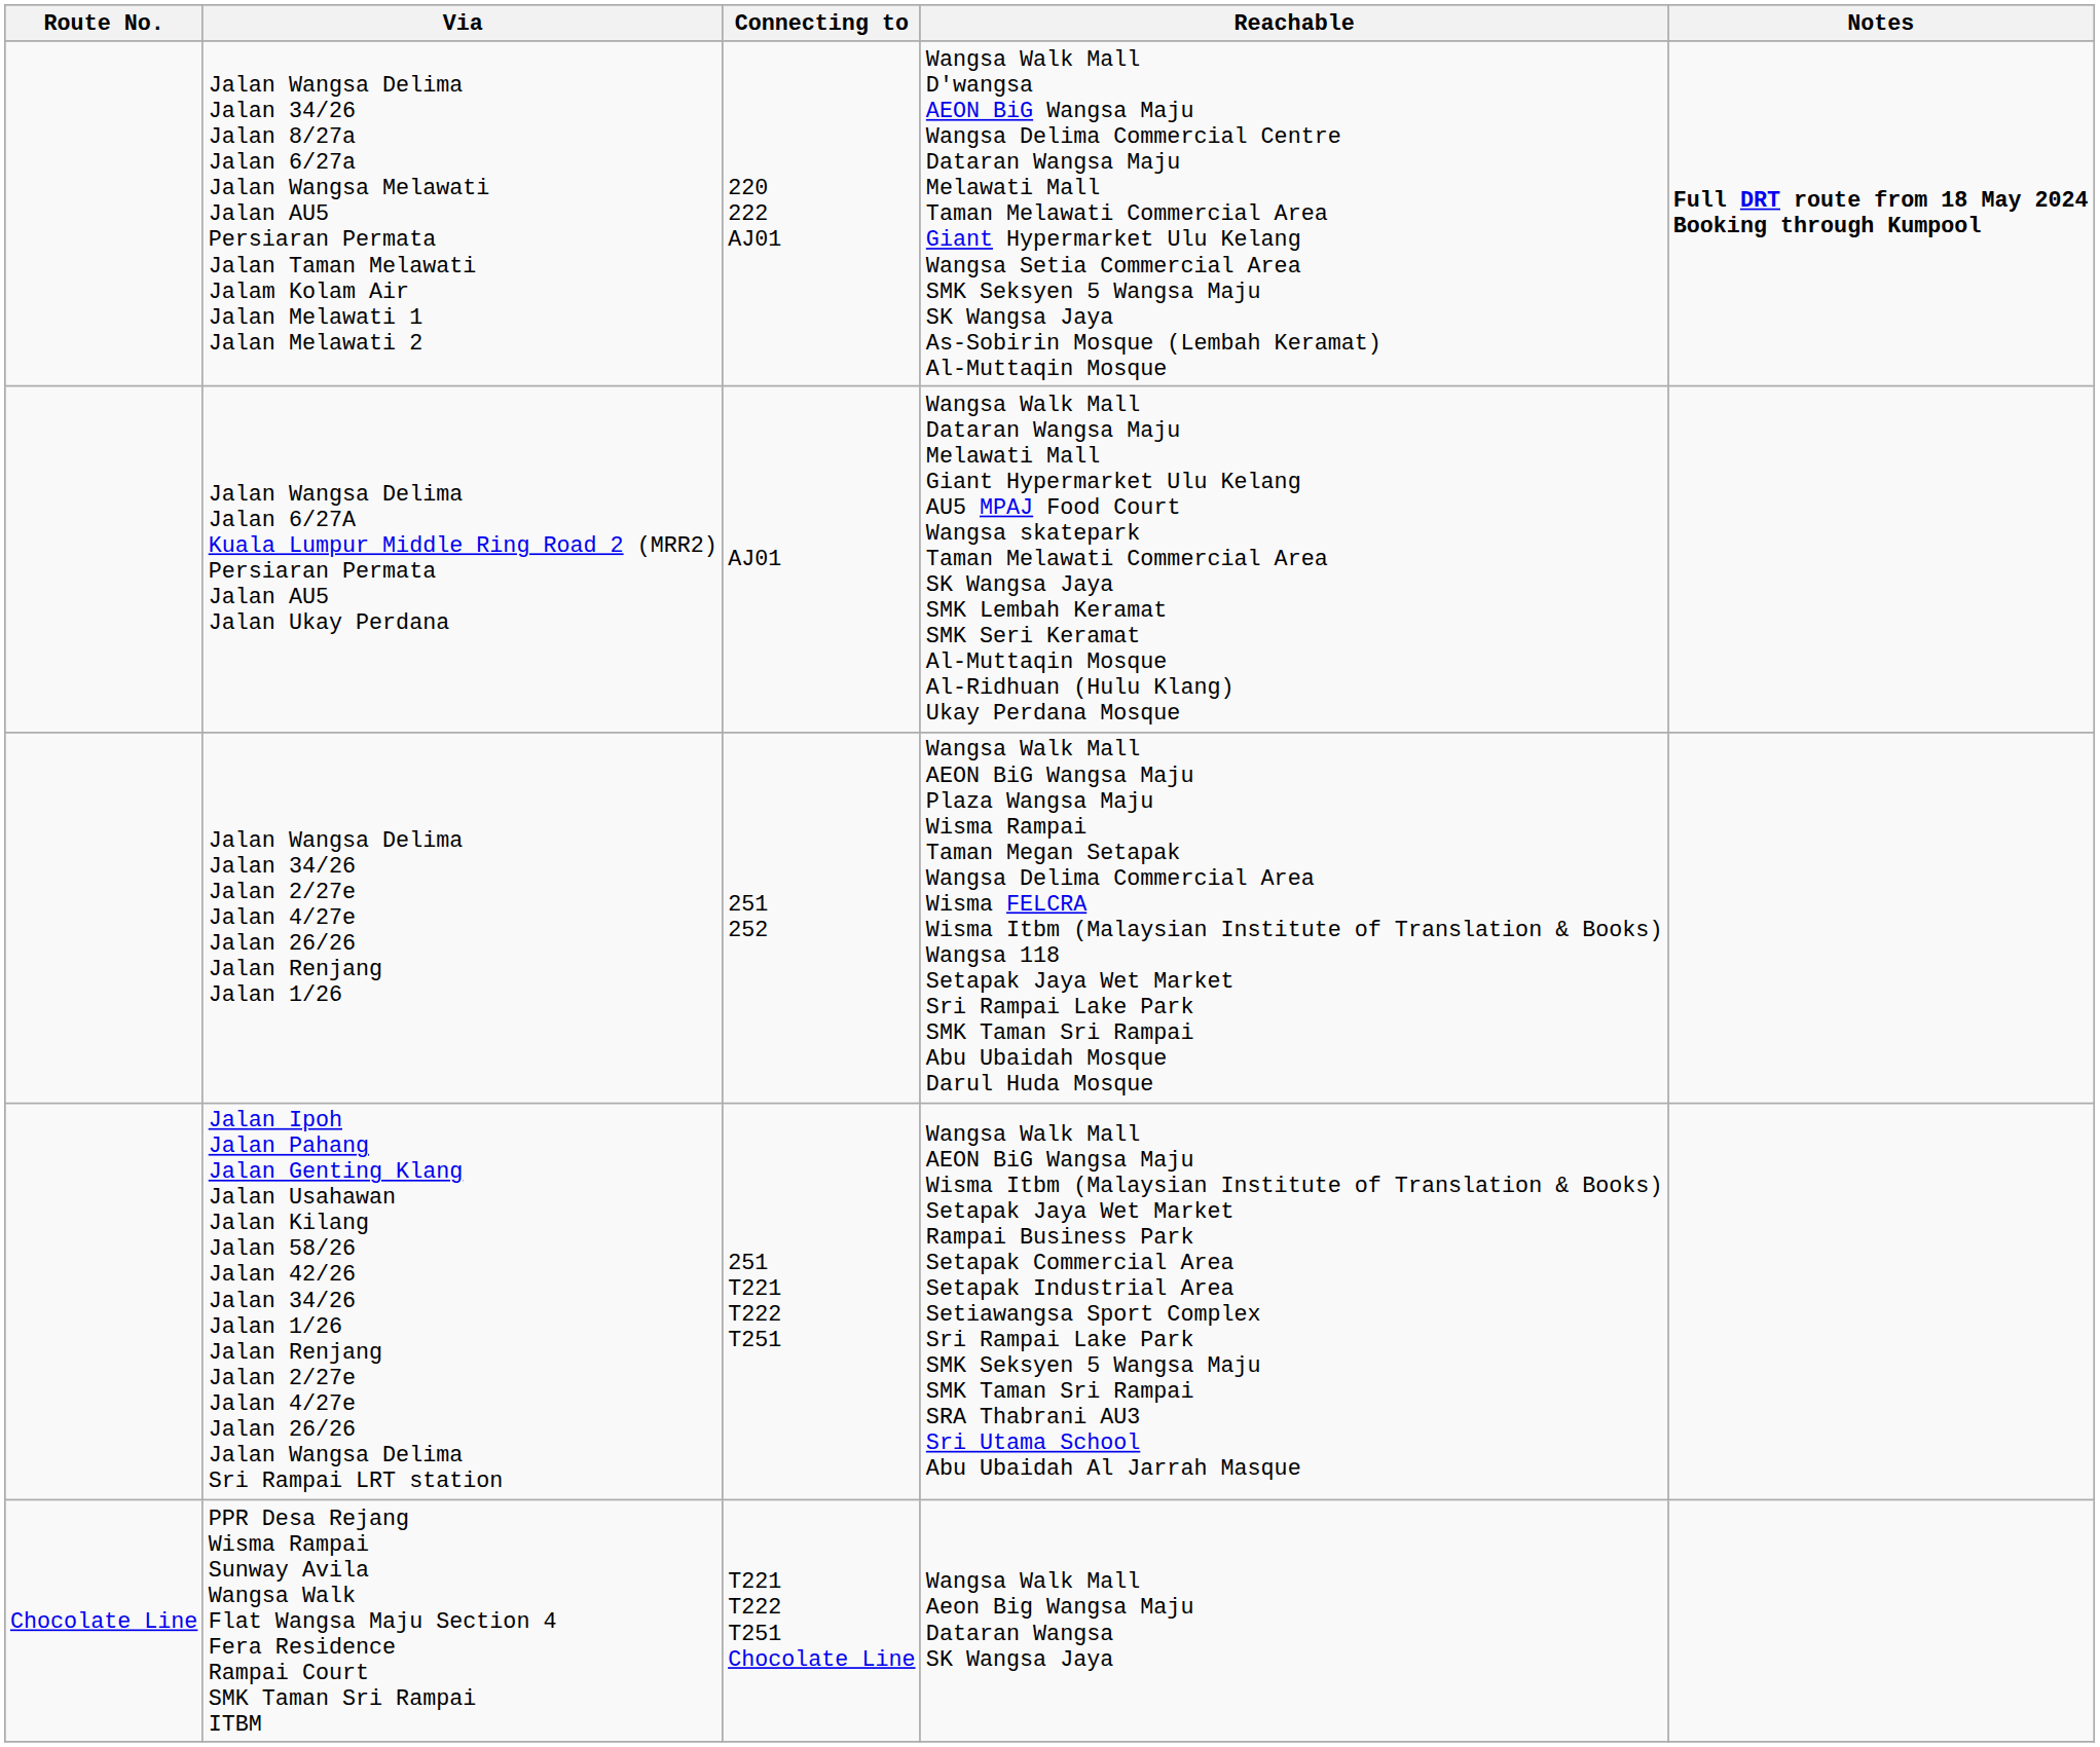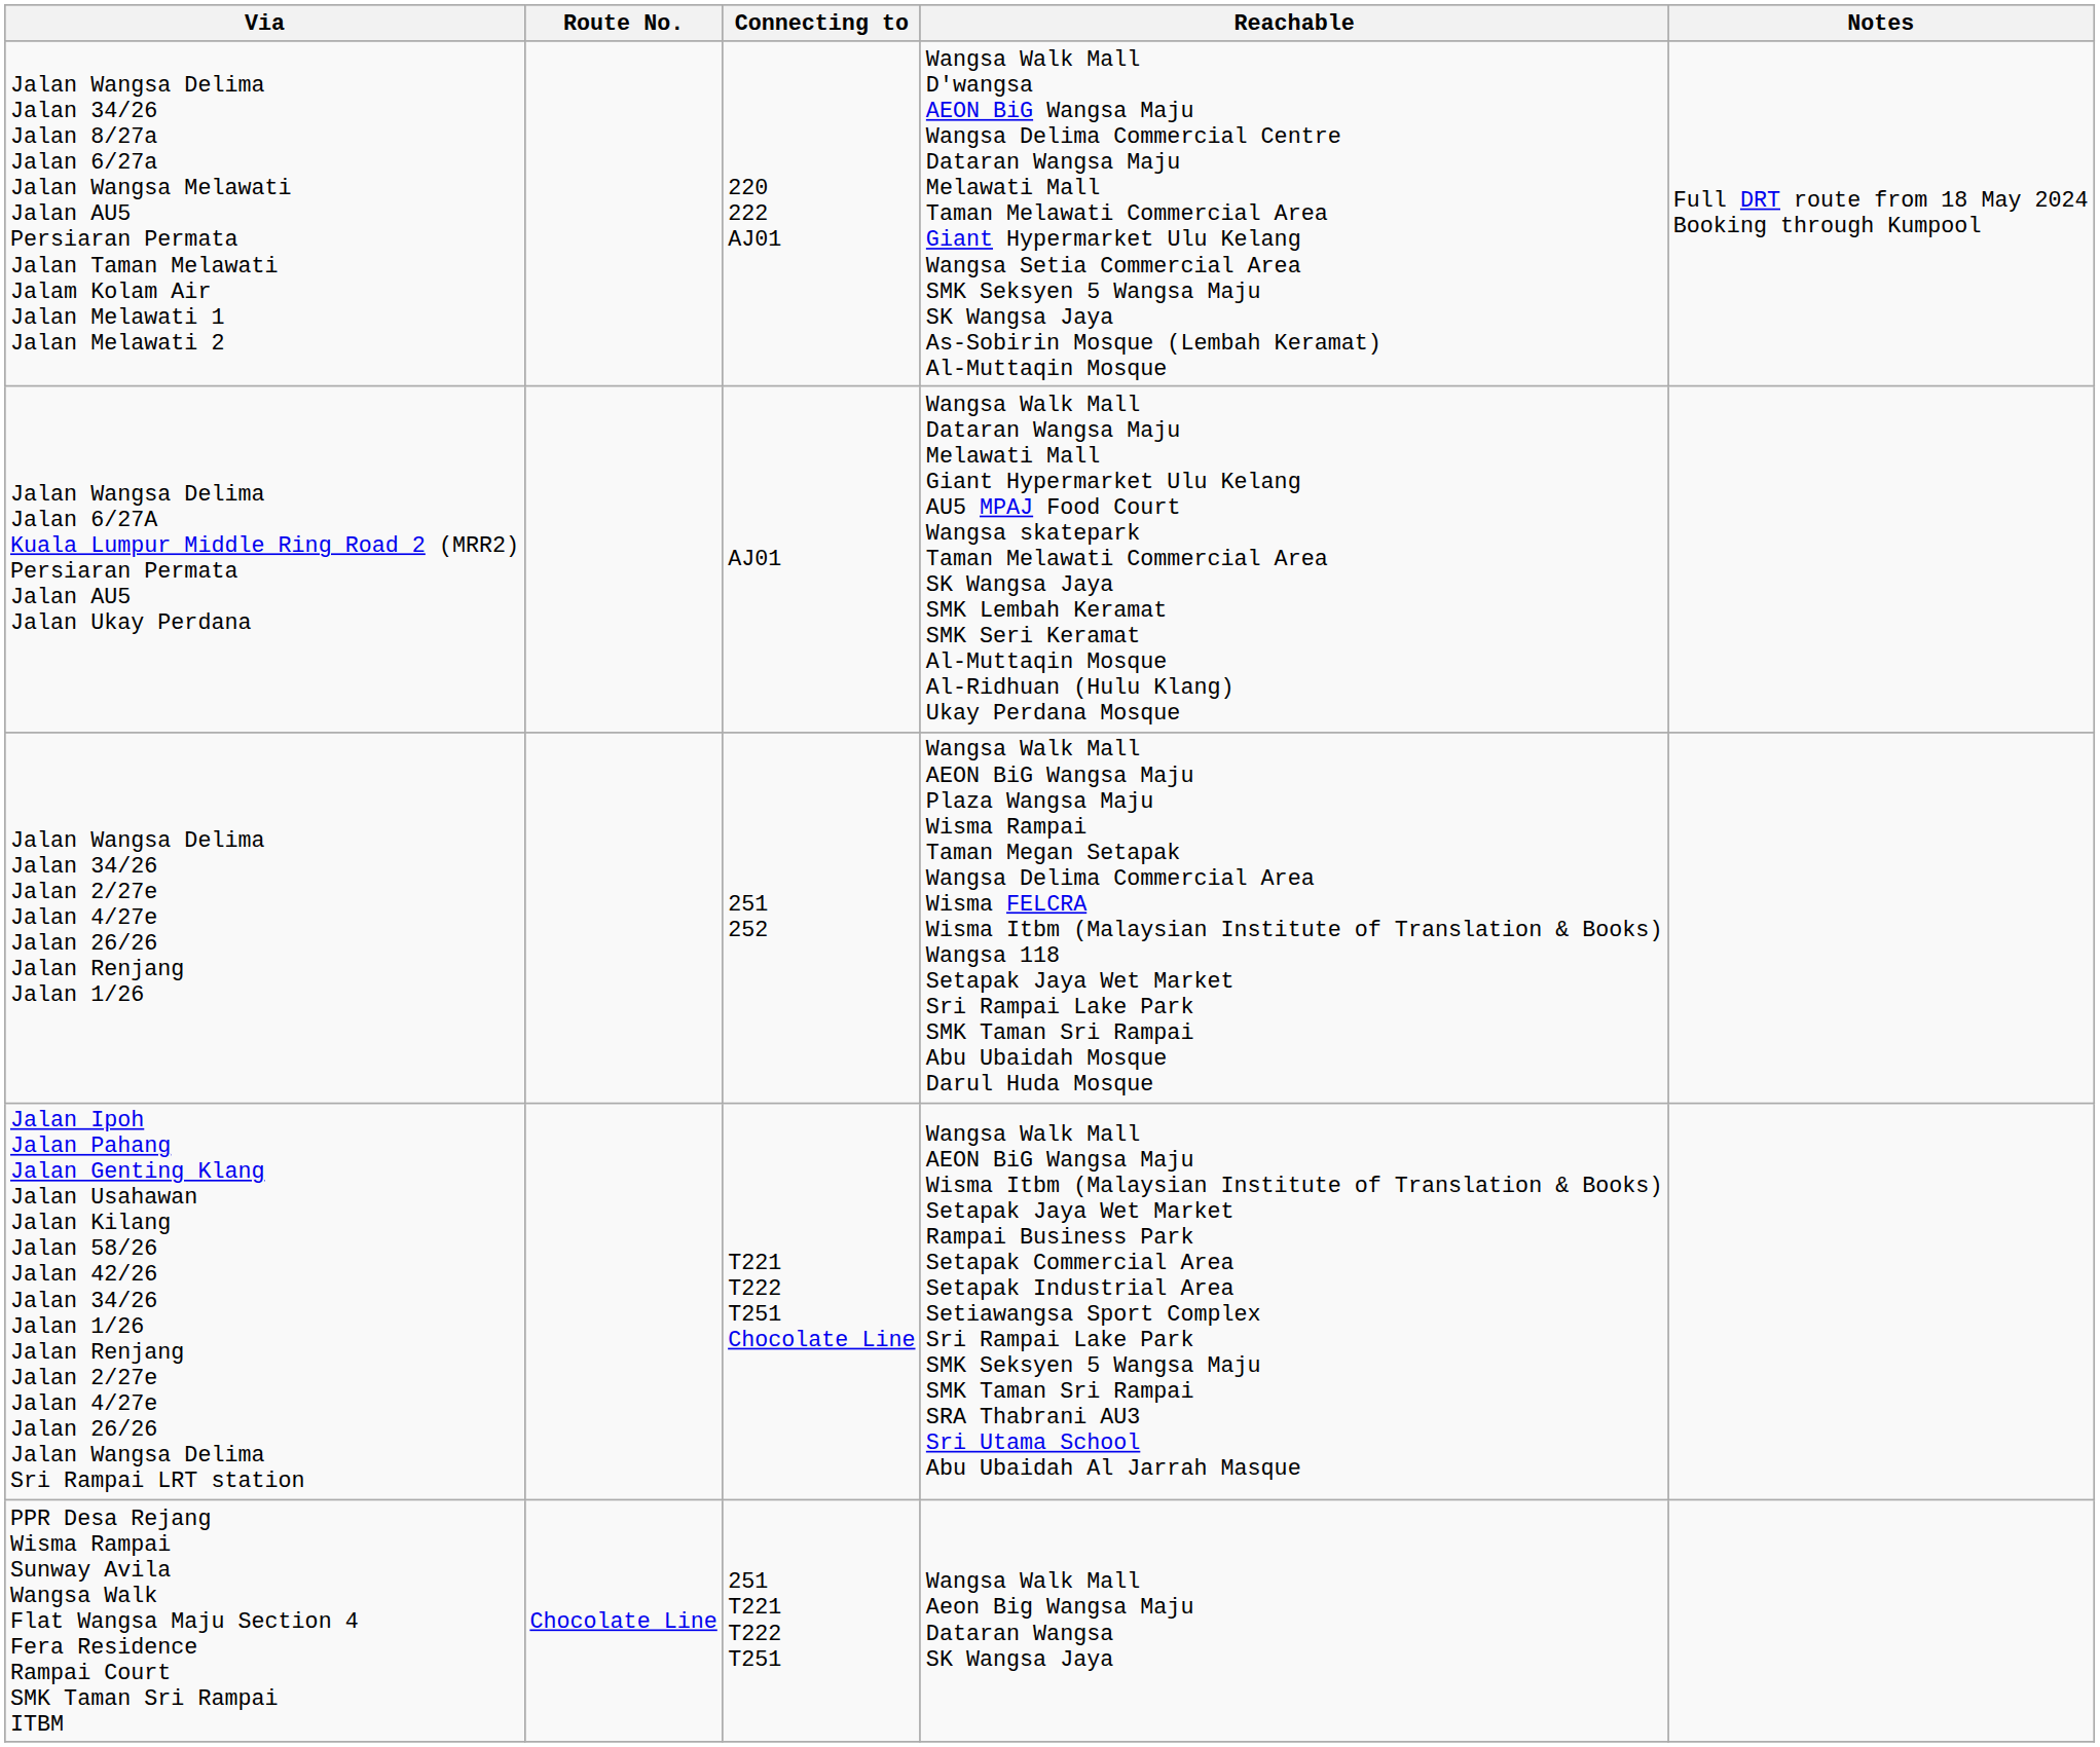 <table class="wikitable">
 <tr>
+<th>Via</th>
 <th>Route No.</th>
-<th>Via</th>
 <th>Connecting to</th>
 <th>Reachable</th>
 <th>Notes</th>
 </tr>
 <tr>
+<td>Jalan Wangsa Delima <br> Jalan 34/26 <br> Jalan 8/27a <br> Jalan 6/27a <br> Jalan Wangsa Melawati <br> Jalan AU5 <br> Persiaran Permata <br> Jalan Taman Melawati <br> Jalam Kolam Air <br> Jalan Melawati 1 <br> Jalan Melawati 2</td>
 <td></td>
-<td>Jalan Wangsa Delima <br> Jalan 34/26 <br> Jalan 8/27a <br> Jalan 6/27a <br> Jalan Wangsa Melawati <br> Jalan AU5 <br> Persiaran Permata <br> Jalan Taman Melawati <br> Jalam Kolam Air <br> Jalan Melawati 1 <br> Jalan Melawati 2</td>
 <td>220 <br> 222 <br> AJ01</td>
 <td>Wangsa Walk Mall <br> D'wangsa <br> <a href='#'>AEON BiG</a> Wangsa Maju <br> Wangsa Delima Commercial Centre <br> Dataran Wangsa Maju <br> Melawati Mall <br> Taman Melawati Commercial Area <br> <a href='#'>Giant</a> Hypermarket Ulu Kelang <br> Wangsa Setia Commercial Area <br> SMK Seksyen 5 Wangsa Maju <br> SK Wangsa Jaya <br> As-Sobirin Mosque (Lembah Keramat) <br> Al-Muttaqin Mosque</td>
-<td><strong>Full <a href='#'>DRT</a> route from 18 May 2024<br>Booking through Kumpool</strong></td>
+<td>Full <a href='#'>DRT</a> route from 18 May 2024<br>Booking through Kumpool</td>
 </tr>
 <tr>
+<td>Jalan Wangsa Delima <br> Jalan 6/27A <br> <a href='#'>Kuala Lumpur Middle Ring Road 2</a> (MRR2) <br> Persiaran Permata <br> Jalan AU5 <br> Jalan Ukay Perdana</td>
 <td></td>
-<td>Jalan Wangsa Delima <br> Jalan 6/27A <br> <a href='#'>Kuala Lumpur Middle Ring Road 2</a> (MRR2) <br> Persiaran Permata <br> Jalan AU5 <br> Jalan Ukay Perdana</td>
 <td>AJ01</td>
 <td>Wangsa Walk Mall <br> Dataran Wangsa Maju <br> Melawati Mall <br> Giant Hypermarket Ulu Kelang <br> AU5 <a href='#'>MPAJ</a> Food Court <br> Wangsa skatepark <br> Taman Melawati Commercial Area <br> SK Wangsa Jaya <br> SMK Lembah Keramat <br> SMK Seri Keramat <br> Al-Muttaqin Mosque <br> Al-Ridhuan (Hulu Klang) <br> Ukay Perdana Mosque</td>
 <td></td>
 </tr>
 <tr>
+<td>Jalan Wangsa Delima <br> Jalan 34/26 <br> Jalan 2/27e <br> Jalan 4/27e <br> Jalan 26/26 <br> Jalan Renjang <br> Jalan 1/26</td>
 <td></td>
-<td>Jalan Wangsa Delima <br> Jalan 34/26 <br> Jalan 2/27e <br> Jalan 4/27e <br> Jalan 26/26 <br> Jalan Renjang <br> Jalan 1/26</td>
 <td>251 <br> 252</td>
 <td>Wangsa Walk Mall <br> AEON BiG Wangsa Maju <br> Plaza Wangsa Maju <br> Wisma Rampai <br> Taman Megan Setapak <br> Wangsa Delima Commercial Area <br> Wisma <a href='#'>FELCRA</a> <br> Wisma  Itbm (Malaysian Institute of Translation & Books) <br> Wangsa 118 <br> Setapak Jaya Wet Market <br> Sri Rampai Lake Park <br> SMK Taman Sri Rampai <br> Abu Ubaidah Mosque <br> Darul Huda Mosque</td>
 <td></td>
 </tr>
 <tr>
+<td><a href='#'>Jalan Ipoh</a> <br> <a href='#'>Jalan Pahang</a> <br> <a href='#'>Jalan Genting Klang</a> <br> Jalan Usahawan <br> Jalan Kilang <br> Jalan 58/26 <br> Jalan 42/26 <br> Jalan 34/26 <br> Jalan 1/26 <br> Jalan Renjang <br> Jalan 2/27e <br> Jalan 4/27e  <br> Jalan 26/26 <br> Jalan Wangsa Delima <br>  Sri Rampai LRT station</td>
 <td></td>
-<td><a href='#'>Jalan Ipoh</a> <br> <a href='#'>Jalan Pahang</a> <br> <a href='#'>Jalan Genting Klang</a> <br> Jalan Usahawan <br> Jalan Kilang <br> Jalan 58/26 <br> Jalan 42/26 <br> Jalan 34/26 <br> Jalan 1/26 <br> Jalan Renjang <br> Jalan 2/27e <br> Jalan 4/27e  <br> Jalan 26/26 <br> Jalan Wangsa Delima <br>  Sri Rampai LRT station</td>
-<td>251 <br> T221 <br> T222 <br> T251</td>
+<td>T221 <br> T222 <br> T251 <br>  <a href='#'>Chocolate Line</a></td>
 <td>Wangsa Walk Mall <br> AEON BiG Wangsa Maju <br> Wisma  Itbm (Malaysian Institute of Translation & Books) <br> Setapak Jaya Wet Market <br> Rampai Business Park <br> Setapak Commercial Area <br> Setapak Industrial Area <br> Setiawangsa Sport Complex <br> Sri Rampai Lake Park <br> SMK Seksyen 5 Wangsa Maju <br> SMK Taman Sri Rampai <br> SRA Thabrani AU3 <br> <a href='#'>Sri Utama School</a> <br> Abu Ubaidah Al Jarrah Masque</td>
 <td></td>
 </tr>
 <tr>
+<td>PPR Desa Rejang<br>Wisma Rampai<br>Sunway Avila<br>Wangsa Walk<br>Flat Wangsa Maju Section 4<br>Fera Residence<br>Rampai Court<br>SMK Taman Sri Rampai<br>ITBM</td>
 <td> <a href='#'>Chocolate Line</a></td>
-<td>PPR Desa Rejang<br>Wisma Rampai<br>Sunway Avila<br>Wangsa Walk<br>Flat Wangsa Maju Section 4<br>Fera Residence<br>Rampai Court<br>SMK Taman Sri Rampai<br>ITBM</td>
-<td>T221 <br> T222 <br> T251 <br>  <a href='#'>Chocolate Line</a></td>
+<td>251 <br> T221 <br> T222 <br> T251</td>
 <td>Wangsa Walk Mall <br> Aeon Big Wangsa Maju <br> Dataran Wangsa <br> SK Wangsa Jaya <br></td>
 <td></td>
 </tr>
 </table>
